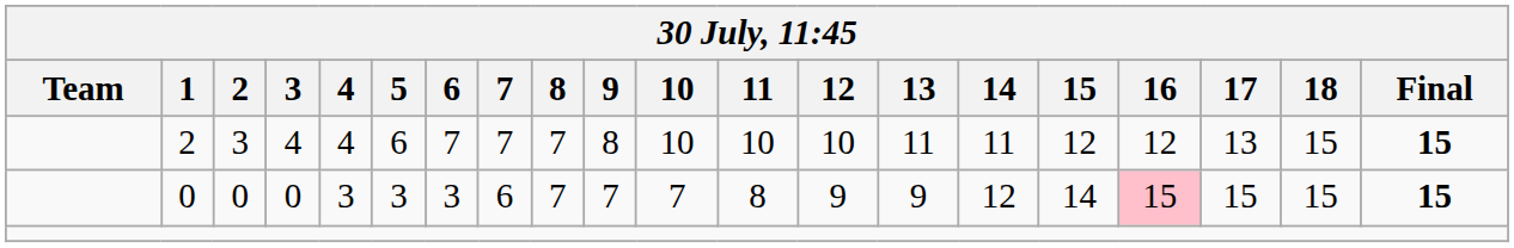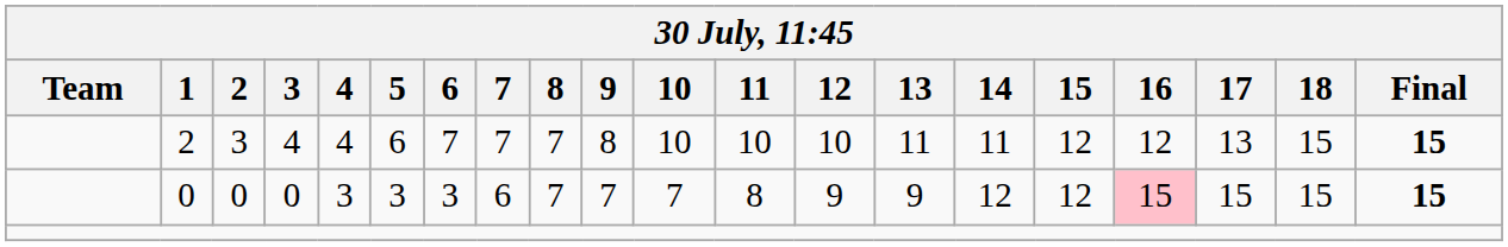 <table class=wikitable style="text-align:center; width: 55%">
 <tr>
 <th colspan=20><em>30 July, 11:45</em></th>
 </tr>
 <tr>
 <th>Team</th>
 <th>1</th>
 <th>2</th>
 <th>3</th>
 <th>4</th>
 <th>5</th>
 <th>6</th>
 <th>7</th>
 <th>8</th>
 <th>9</th>
 <th>10</th>
 <th>11</th>
 <th>12</th>
 <th>13</th>
 <th>14</th>
 <th>15</th>
 <th>16</th>
 <th>17</th>
 <th>18</th>
 <th>Final</th>
 </tr>
 <tr>
 <td align=left></td>
 <td>2</td>
 <td>3</td>
 <td>4</td>
 <td>4</td>
 <td>6</td>
 <td>7</td>
 <td>7</td>
 <td>7</td>
 <td>8</td>
 <td>10</td>
 <td>10</td>
 <td>10</td>
 <td>11</td>
 <td>11</td>
 <td>12</td>
 <td>12</td>
 <td>13</td>
 <td>15</td>
 <td><strong>15</strong></td>
 </tr>
 <tr>
 <td align=left></td>
 <td>0</td>
 <td>0</td>
 <td>0</td>
 <td>3</td>
 <td>3</td>
 <td>3</td>
 <td>6</td>
 <td>7</td>
 <td>7</td>
 <td>7</td>
 <td>8</td>
 <td>9</td>
 <td>9</td>
 <td>12</td>
-<td>14</td>
+<td>12</td>
 <td style="background: pink;">15</td>
 <td>15</td>
 <td>15</td>
 <td><strong>15</strong></td>
 </tr>
 <tr>
 <td colspan=20></td>
 </tr>
 </table>
